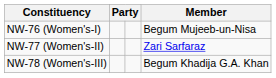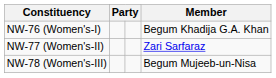 <table class="wikitable sortable">
 <tr>
 <th>Constituency</th>
 <th colspan="2">Party</th>
 <th>Member</th>
 </tr>
 <tr>
 <td>NW-76 (Women's-I)</td>
 <td></td>
 <td></td>
-<td>Begum Mujeeb-un-Nisa</td>
+<td>Begum Khadija G.A. Khan</td>
 </tr>
 <tr |>
 <td>NW-77 (Women's-II)</td>
 <td></td>
 <td></td>
 <td><a href='#'>Zari Sarfaraz</a></td>
 </tr>
 <tr |>
 <td>NW-78 (Women's-III)</td>
 <td></td>
 <td></td>
-<td>Begum Khadija G.A. Khan</td>
+<td>Begum Mujeeb-un-Nisa</td>
 </tr>
 </table>
